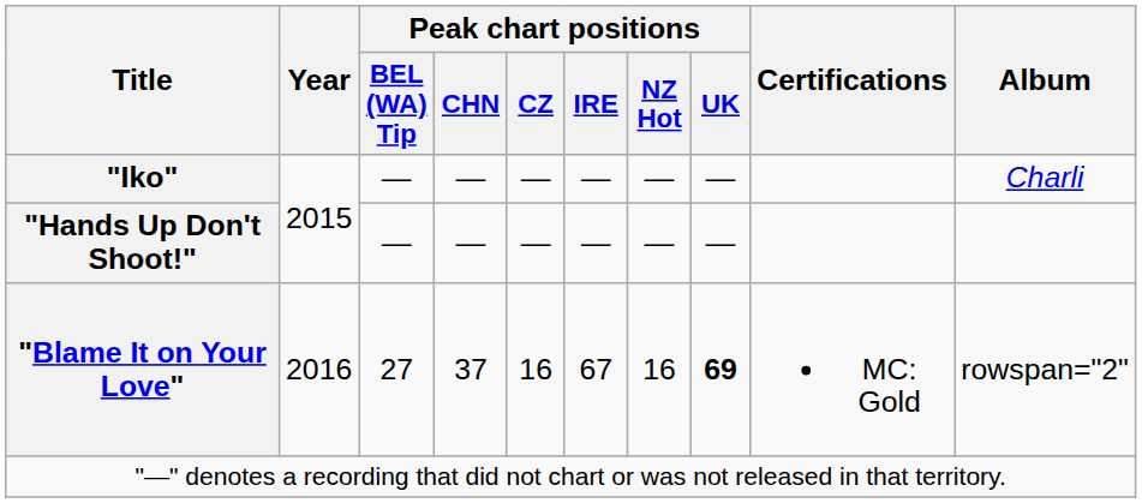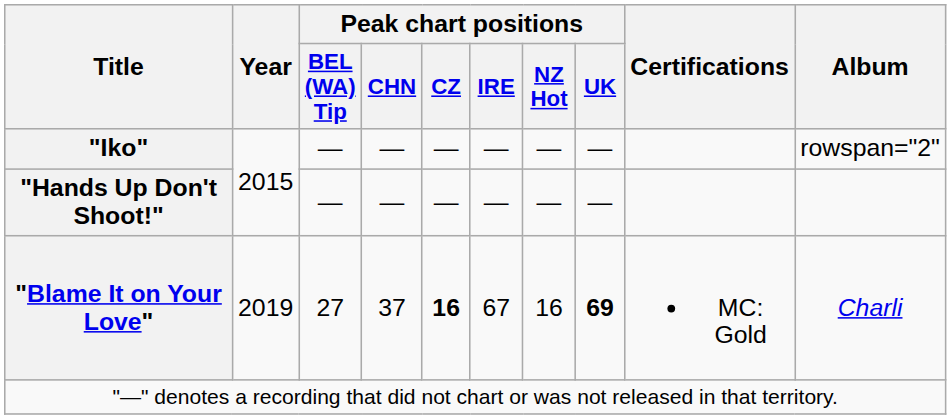 <table class="wikitable plainrowheaders" style="text-align:center;">
 <tr>
 <th scope="col" rowspan="2" style="width:22em;">Title</th>
 <th scope="col" rowspan="2" style="width:1em;">Year</th>
 <th scope="col" colspan="6">Peak chart positions</th>
 <th scope="col" rowspan="2">Certifications</th>
 <th scope="col" rowspan="2">Album</th>
 </tr>
 <tr>
 <th scope="col" style="width:2.5em;font-size:90%;"><a href='#'>BEL<br>(WA)<br>Tip</a><br></th>
 <th scope="col" style="width:2.5em;font-size:90%;"><a href='#'>CHN</a><br></th>
 <th scope="col" style="width:2.5em;font-size:90%;"><a href='#'>CZ</a><br></th>
 <th scope="col" style="width:2.5em;font-size:90%;"><a href='#'>IRE</a><br></th>
 <th scope="col" style="width:2.5em;font-size:90%;"><a href='#'>NZ<br>Hot</a><br></th>
 <th scope="col" style="width:2.5em;font-size:90%;"><a href='#'>UK</a><br></th>
 </tr>
 <tr>
 <th scope="row">"Iko"<br></th>
 <td rowspan="2">2015</td>
 <td>—</td>
 <td>—</td>
 <td>—</td>
 <td>—</td>
 <td>—</td>
 <td>—</td>
 <td></td>
-<td><em><a href='#'>Charli</a></em></td>
+<td>rowspan="2" </td>
 </tr>
 <tr>
 <th scope="row">"Hands Up Don't Shoot!"<br></th>
 <td>—</td>
 <td>—</td>
 <td>—</td>
 <td>—</td>
 <td>—</td>
 <td>—</td>
 <td></td>
 </tr>
 <tr>
 <th scope="row">"<a href='#'>Blame It on Your Love</a>"<br></th>
-<td>2016</td>
+<td>2019</td>
 <td>27</td>
 <td>37</td>
-<td>16</td>
+<td><strong>16</strong></td>
 <td>67</td>
 <td>16</td>
 <td><strong>69</strong></td>
 <td><br><ul><li>MC: Gold</li></ul></td>
-<td>rowspan="2" </td>
+<td><em><a href='#'>Charli</a></em></td>
 </tr>
 <tr>
 <td colspan="14" style="font-size:85%">"—" denotes a recording that did not chart or was not released in that territory.</td>
 </tr>
 </table>
